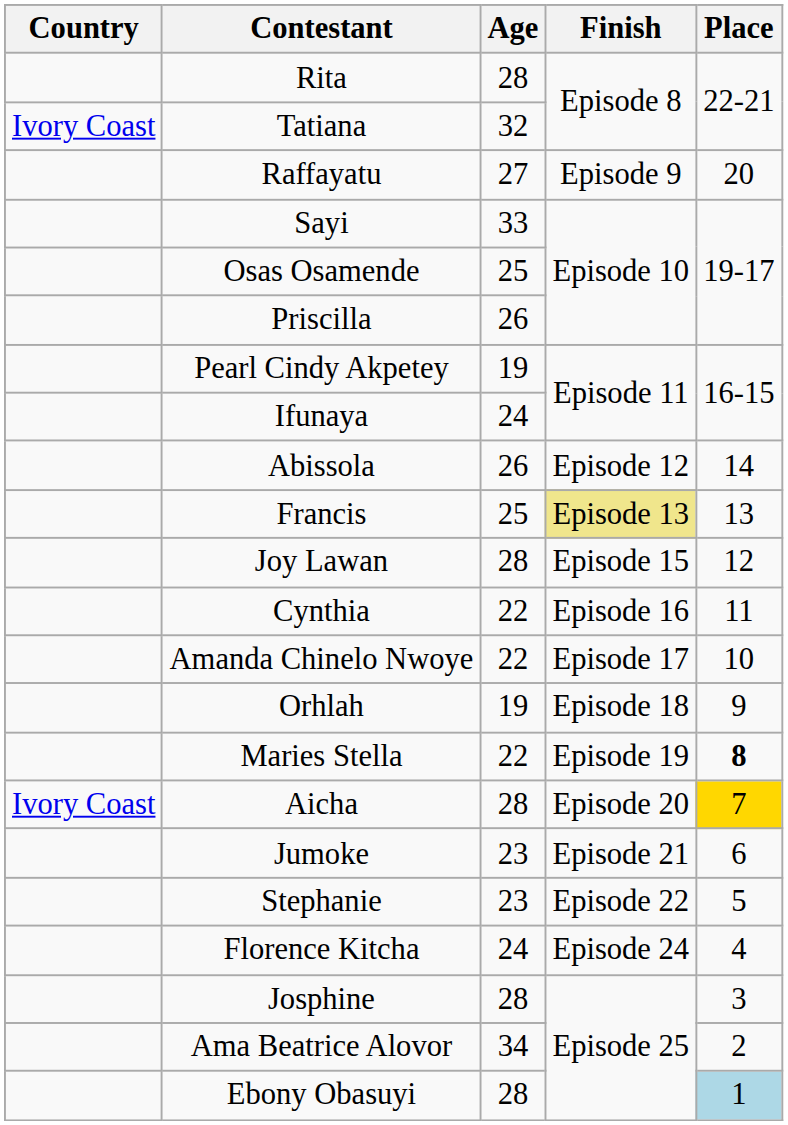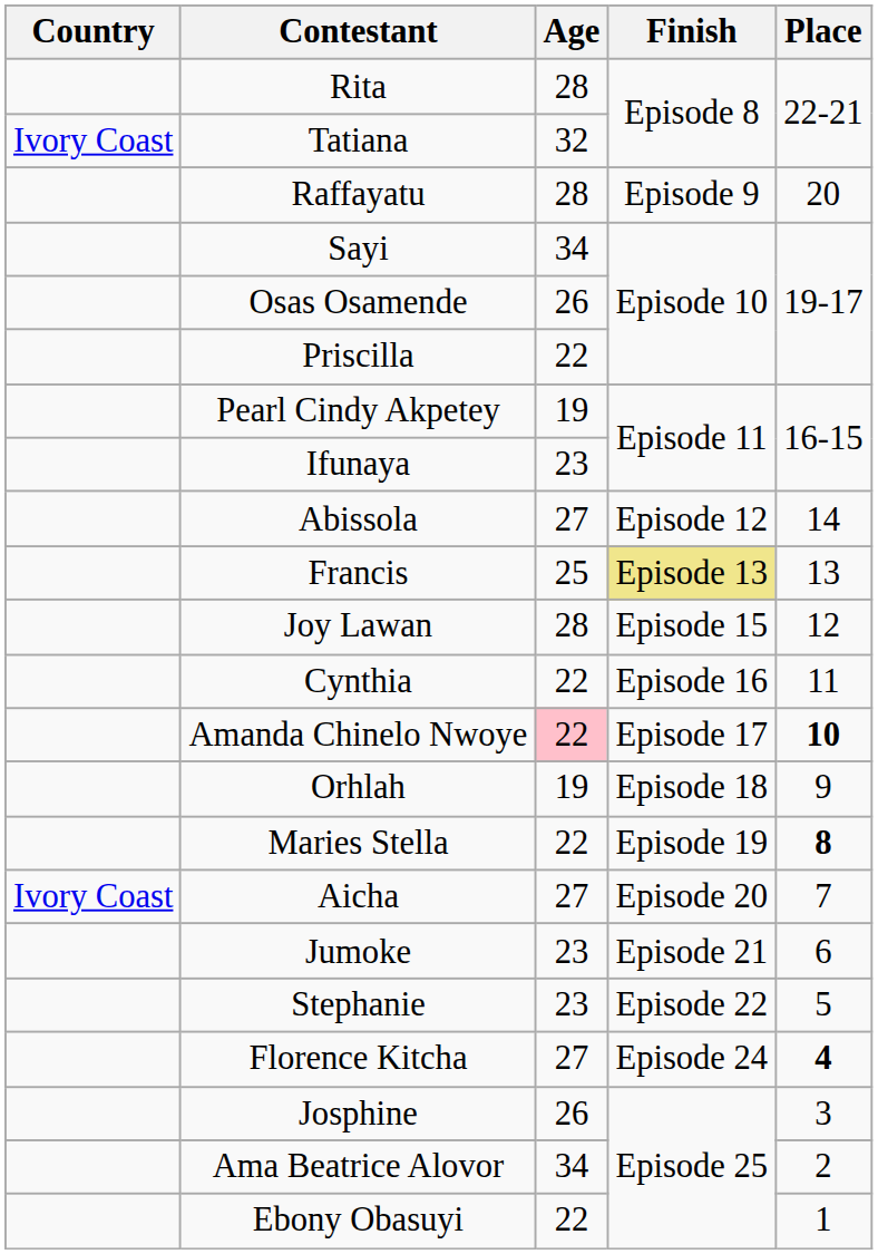 <table class="wikitable sortable" style="text-align:center;">
 <tr>
 <th>Country</th>
 <th>Contestant</th>
 <th>Age</th>
 <th>Finish</th>
 <th>Place</th>
 </tr>
 <tr>
 <td></td>
 <td>Rita</td>
 <td>28</td>
 <td rowspan="2">Episode 8</td>
 <td rowspan="2">22-21</td>
 </tr>
 <tr>
 <td> <a href='#'>Ivory Coast</a></td>
 <td>Tatiana</td>
 <td>32</td>
 </tr>
 <tr>
 <td></td>
 <td>Raffayatu</td>
-<td>27</td>
+<td>28</td>
 <td>Episode 9</td>
 <td>20</td>
 </tr>
 <tr>
 <td></td>
 <td>Sayi</td>
-<td>33</td>
+<td>34</td>
 <td rowspan="3">Episode 10</td>
 <td rowspan="3">19-17</td>
 </tr>
 <tr>
 <td></td>
 <td>Osas Osamende</td>
-<td>25</td>
+<td>26</td>
 </tr>
 <tr>
 <td></td>
 <td>Priscilla</td>
-<td>26</td>
+<td>22</td>
 </tr>
 <tr>
 <td></td>
 <td>Pearl Cindy Akpetey</td>
 <td>19</td>
 <td rowspan="2">Episode 11</td>
 <td rowspan="2">16-15</td>
 </tr>
 <tr>
 <td></td>
 <td>Ifunaya</td>
-<td>24</td>
+<td>23</td>
 </tr>
 <tr>
 <td></td>
 <td>Abissola</td>
-<td>26</td>
+<td>27</td>
 <td>Episode 12</td>
 <td>14</td>
 </tr>
 <tr>
 <td></td>
 <td>Francis</td>
 <td>25</td>
 <td style="background: khaki;">Episode 13</td>
 <td>13</td>
 </tr>
 <tr>
 <td></td>
 <td>Joy Lawan</td>
 <td>28</td>
 <td>Episode 15</td>
 <td>12</td>
 </tr>
 <tr>
 <td></td>
 <td>Cynthia</td>
 <td>22</td>
 <td>Episode 16</td>
 <td>11</td>
 </tr>
 <tr>
 <td></td>
 <td>Amanda Chinelo Nwoye</td>
-<td>22</td>
+<td style="background: pink;">22</td>
 <td>Episode 17</td>
-<td>10</td>
+<td><strong>10</strong></td>
 </tr>
 <tr>
 <td></td>
 <td>Orhlah</td>
 <td>19</td>
 <td>Episode 18</td>
 <td>9</td>
 </tr>
 <tr>
 <td></td>
 <td>Maries Stella</td>
 <td>22</td>
 <td>Episode 19</td>
 <td><strong>8</strong></td>
 </tr>
 <tr>
 <td> <a href='#'>Ivory Coast</a></td>
 <td>Aicha</td>
-<td>28</td>
+<td>27</td>
 <td>Episode 20</td>
-<td style="background: gold;">7</td>
+<td>7</td>
 </tr>
 <tr>
 <td></td>
 <td>Jumoke</td>
 <td>23</td>
 <td>Episode 21</td>
 <td>6</td>
 </tr>
 <tr>
 <td></td>
 <td>Stephanie</td>
 <td>23</td>
 <td>Episode 22</td>
 <td>5</td>
 </tr>
 <tr>
 <td></td>
 <td>Florence Kitcha</td>
-<td>24</td>
+<td>27</td>
 <td>Episode 24</td>
-<td>4</td>
+<td><strong>4</strong></td>
 </tr>
 <tr>
 <td></td>
 <td>Josphine</td>
-<td>28</td>
+<td>26</td>
 <td rowspan="3">Episode 25</td>
 <td>3</td>
 </tr>
 <tr>
 <td></td>
 <td>Ama Beatrice Alovor</td>
 <td>34</td>
 <td>2</td>
 </tr>
 <tr>
 <td></td>
 <td>Ebony Obasuyi</td>
-<td>28</td>
-<td style="background: lightblue;">1</td>
+<td>22</td>
+<td>1</td>
 </tr>
 </table>
